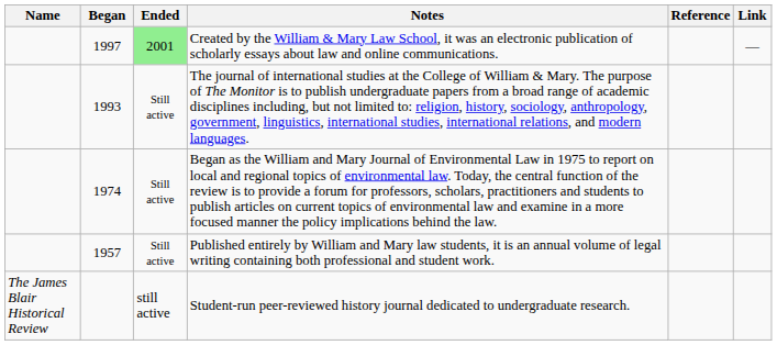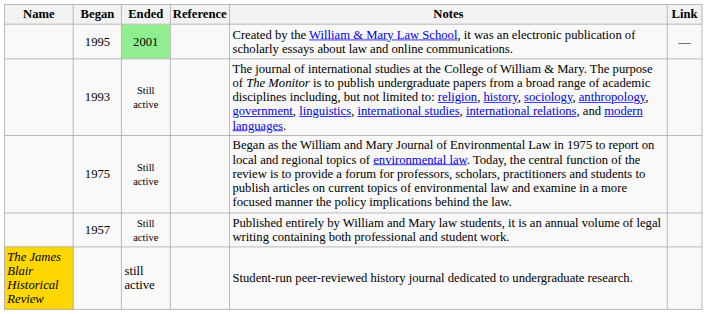 <table class="wikitable sortable" style="width:100%">
 <tr>
 <th style="width:10%;">Name</th>
 <th style="width:7%;">Began</th>
 <th style="width:7%;">Ended</th>
+<th style="width:5%;" class="unsortable">Reference</th>
 <th style="width:66%;" class="unsortable">Notes</th>
-<th style="width:5%;" class="unsortable">Reference</th>
 <th style="width:5%;" class="unsortable">Link</th>
 </tr>
 <tr>
 <td style="text-align:center;"><em></em></td>
-<td style="text-align:center;">1997</td>
+<td style="text-align:center;">1995</td>
 <td style="background: lightgreen; text-align:center;">2001</td>
+<td style="text-align:center;"></td>
 <td>Created by the <a href='#'>William & Mary Law School</a>, it was an electronic publication of scholarly essays about law and online communications.</td>
-<td style="text-align:center;"></td>
 <td style="text-align:center;">—</td>
 </tr>
 <tr>
 <td style="text-align:center;"><em></em></td>
 <td style="text-align:center;">1993</td>
 <td style="text-align:center;"><small>Still active</small></td>
+<td style="text-align:center;"></td>
 <td>The journal of international studies at the College of William & Mary. The purpose of <em>The Monitor</em> is to publish undergraduate papers from a broad range of academic disciplines including, but not limited to: <a href='#'>religion</a>, <a href='#'>history</a>, <a href='#'>sociology</a>, <a href='#'>anthropology</a>, <a href='#'>government</a>, <a href='#'>linguistics</a>, <a href='#'>international studies</a>, <a href='#'>international relations</a>, and <a href='#'>modern languages</a>.</td>
-<td style="text-align:center;"></td>
 <td style="text-align:center;"></td>
 </tr>
 <tr>
 <td style="text-align:center;"><em></em></td>
-<td style="text-align:center;">1974</td>
+<td style="text-align:center;">1975</td>
 <td style="text-align:center;"><small>Still active</small></td>
+<td style="text-align:center;"></td>
 <td>Began as the William and Mary Journal of Environmental Law in 1975 to report on local and regional topics of <a href='#'>environmental law</a>. Today, the central function of the review is to provide a forum for professors, scholars, practitioners and students to publish articles on current topics of environmental law and examine in a more focused manner the policy implications behind the law.</td>
-<td style="text-align:center;"></td>
 <td style="text-align:center;"></td>
 </tr>
 <tr>
 <td style="text-align:center;"><em></em></td>
 <td style="text-align:center;">1957</td>
 <td style="text-align:center;"><small>Still active</small></td>
+<td style="text-align:center;"></td>
 <td>Published entirely by William and Mary law students, it is an annual volume of legal writing containing both professional and student work.</td>
-<td style="text-align:center;"></td>
 <td style="text-align:center;"></td>
 </tr>
 <tr>
-<td><em>The James Blair Historical Review</em></td>
+<td style="background: gold;"><em>The James Blair Historical Review</em></td>
 <td></td>
 <td>still active</td>
+<td></td>
 <td>Student-run peer-reviewed history journal dedicated to undergraduate research.</td>
-<td></td>
 <td></td>
 </tr>
 </table>
